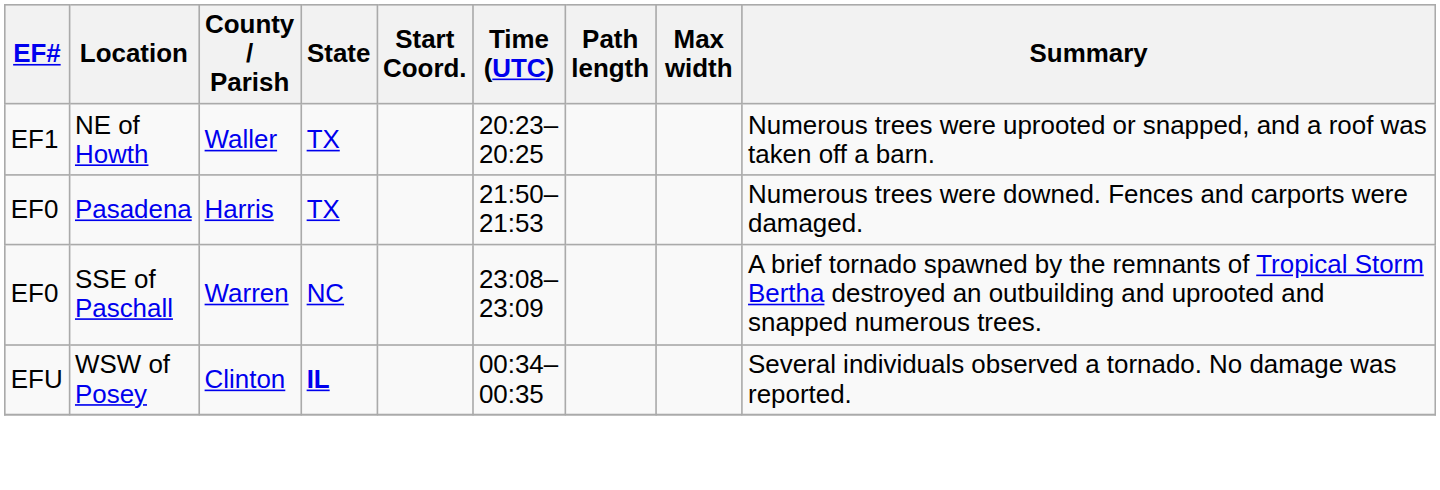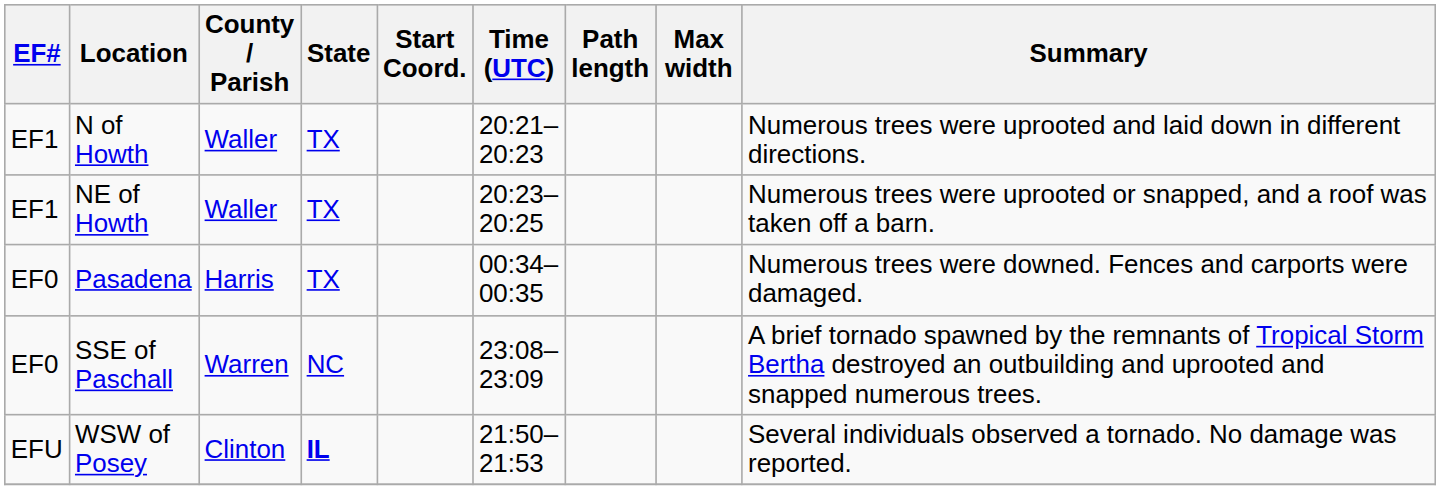 <table class="wikitable sortable" style="width:100%;">
 <tr>
 <th scope="col"  style="width:3%; text-align:center;"><a href='#'>EF#</a></th>
 <th scope="col"  style="width:7%; text-align:center;" class="unsortable">Location</th>
 <th scope="col"  style="width:6%; text-align:center;" class="unsortable">County / Parish</th>
 <th scope="col"  style="width:5%; text-align:center;">State</th>
 <th scope="col"  style="width:6%; text-align:center;">Start Coord.</th>
 <th scope="col"  style="width:6%; text-align:center;">Time (<a href='#'>UTC</a>)</th>
 <th scope="col"  style="width:6%; text-align:center;">Path length</th>
 <th scope="col"  style="width:6%; text-align:center;">Max width</th>
 <th scope="col" class="unsortable" style="width:48%; text-align:center;">Summary</th>
+</tr>
+<tr>
+<td>EF1</td>
+<td>N of <a href='#'>Howth</a></td>
+<td><a href='#'>Waller</a></td>
+<td><a href='#'>TX</a></td>
+<td></td>
+<td>20:21–20:23</td>
+<td></td>
+<td></td>
+<td>Numerous trees were uprooted and laid down in different directions.</td>
 </tr>
 <tr>
 <td>EF1</td>
 <td>NE of <a href='#'>Howth</a></td>
 <td><a href='#'>Waller</a></td>
 <td><a href='#'>TX</a></td>
 <td></td>
 <td>20:23–20:25</td>
 <td></td>
 <td></td>
 <td>Numerous trees were uprooted or snapped, and a roof was taken off a barn.</td>
 </tr>
 <tr>
 <td>EF0</td>
 <td><a href='#'>Pasadena</a></td>
 <td><a href='#'>Harris</a></td>
 <td><a href='#'>TX</a></td>
 <td></td>
-<td>21:50–21:53</td>
+<td>00:34–00:35</td>
 <td></td>
 <td></td>
 <td>Numerous trees were downed. Fences and carports were damaged.</td>
 </tr>
 <tr>
 <td>EF0</td>
 <td>SSE of <a href='#'>Paschall</a></td>
 <td><a href='#'>Warren</a></td>
 <td><a href='#'>NC</a></td>
 <td></td>
 <td>23:08–23:09</td>
 <td></td>
 <td></td>
 <td>A brief tornado spawned by the remnants of <a href='#'>Tropical Storm Bertha</a> destroyed an outbuilding and uprooted and snapped numerous trees.</td>
 </tr>
 <tr>
 <td>EFU</td>
 <td>WSW of <a href='#'>Posey</a></td>
 <td><a href='#'>Clinton</a></td>
 <td><strong><a href='#'>IL</a></strong></td>
 <td></td>
-<td>00:34–00:35</td>
+<td>21:50–21:53</td>
 <td></td>
 <td></td>
 <td>Several individuals observed a tornado. No damage was reported.</td>
 </tr>
 <tr>
 </tr>
 </table>
